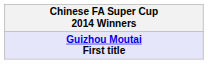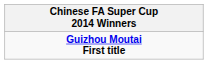 <table class="wikitable" style="text-align: center; margin: 0 auto; width: 20%">
 <tr>
 <th>Chinese FA Super Cup<br>2014 Winners</th>
 </tr>
 <tr>
-<td style="background: lavender;"><strong><a href='#'>Guizhou Moutai</a></strong><br><strong>First title</strong></td>
+<td><strong><a href='#'>Guizhou Moutai</a></strong><br><strong>First title</strong></td>
 </tr>
 </table>
